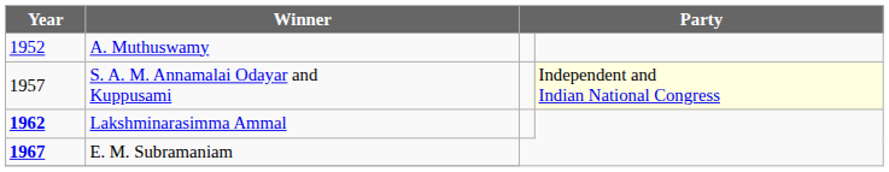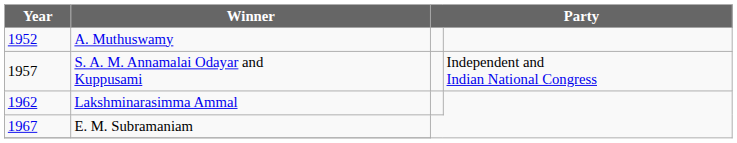 <table class="wikitable" width="50%">
 <tr>
 <th style="background-color:#666666; color:white">Year</th>
 <th style="background-color:#666666; color:white">Winner</th>
 <th style="background-color:#666666; color:white" colspan="2">Party</th>
 </tr>
 <tr>
 <td><a href='#'>1952</a></td>
 <td><a href='#'>A. Muthuswamy</a></td>
 <td></td>
 </tr>
 <tr>
 <td>1957</td>
 <td><a href='#'>S. A. M. Annamalai Odayar</a> and <br><a href='#'>Kuppusami</a></td>
 <td></td>
-<td style="background: lightyellow;">Independent and <br><a href='#'>Indian National Congress</a></td>
+<td>Independent and <br><a href='#'>Indian National Congress</a></td>
 </tr>
 <tr>
-<td><strong><a href='#'>1962</a></strong></td>
+<td><a href='#'>1962</a></td>
 <td><a href='#'>Lakshminarasimma Ammal</a></td>
 <td></td>
 </tr>
 <tr>
-<td><strong><a href='#'>1967</a></strong></td>
+<td><a href='#'>1967</a></td>
 <td>E. M. Subramaniam</td>
 </tr>
 <tr>
 </tr>
 </table>
